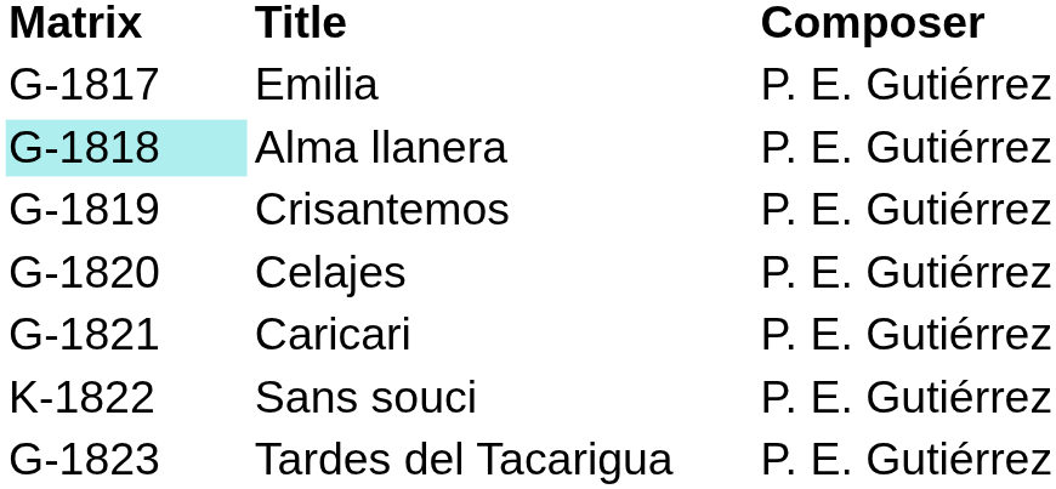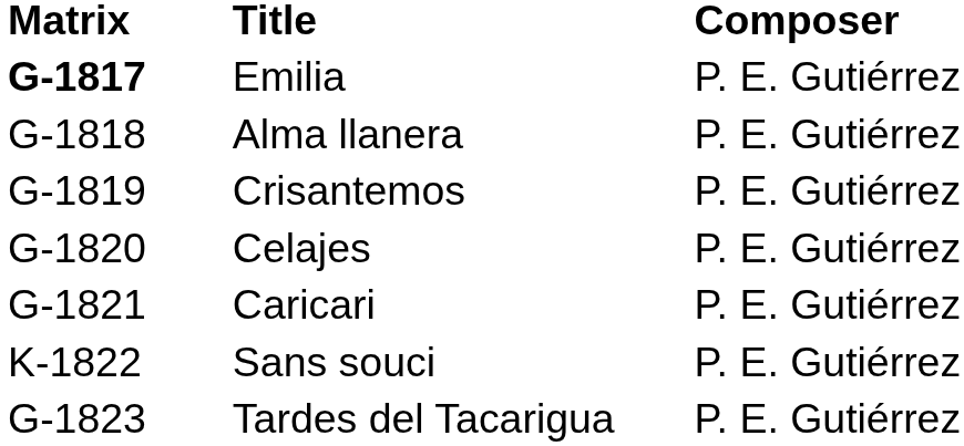 <table>
 <tr>
 <td><strong>Matrix</strong>        </td>
 <td><strong>Title</strong></td>
 <td><strong>Composer</strong></td>
 </tr>
 <tr>
-<td>G-1817</td>
+<td><strong>G-1817</strong></td>
 <td>Emilia</td>
 <td>P. E. Gutiérrez</td>
 </tr>
 <tr>
-<td style="background: paleturquoise;">G-1818</td>
+<td>G-1818</td>
 <td>Alma llanera</td>
 <td>P. E. Gutiérrez</td>
 </tr>
 <tr>
 <td>G-1819</td>
 <td>Crisantemos</td>
 <td>P. E. Gutiérrez</td>
 </tr>
 <tr>
 <td>G-1820</td>
 <td>Celajes</td>
 <td>P. E. Gutiérrez</td>
 </tr>
 <tr>
 <td>G-1821</td>
 <td>Caricari</td>
 <td>P. E. Gutiérrez</td>
 </tr>
 <tr>
 <td>K-1822</td>
 <td>Sans souci</td>
 <td>P. E. Gutiérrez</td>
 </tr>
 <tr>
 <td>G-1823</td>
 <td>Tardes del Tacarigua      </td>
 <td>P. E. Gutiérrez</td>
 </tr>
 <tr>
 </tr>
 </table>
